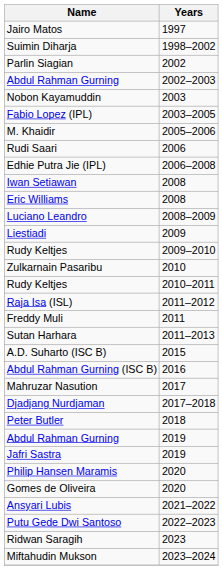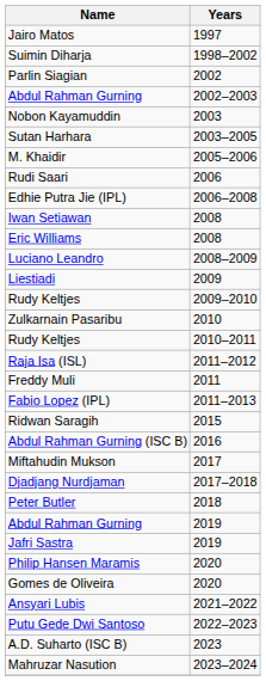 <table class="wikitable">
 <tr>
 <th>Name</th>
 <th>Years</th>
 </tr>
 <tr>
 <td> Jairo Matos</td>
 <td>1997</td>
 </tr>
 <tr>
 <td> Suimin Diharja</td>
 <td>1998–2002</td>
 </tr>
 <tr>
 <td> Parlin Siagian</td>
 <td>2002</td>
 </tr>
 <tr>
 <td> <a href='#'>Abdul Rahman Gurning</a></td>
 <td>2002–2003</td>
 </tr>
 <tr>
 <td> Nobon Kayamuddin</td>
 <td>2003</td>
 </tr>
 <tr>
-<td> <a href='#'>Fabio Lopez</a> (IPL)</td>
+<td> Sutan Harhara</td>
 <td>2003–2005</td>
 </tr>
 <tr>
 <td> M. Khaidir</td>
 <td>2005–2006</td>
 </tr>
 <tr>
 <td> Rudi Saari</td>
 <td>2006</td>
 </tr>
 <tr>
 <td> Edhie Putra Jie (IPL)</td>
 <td>2006–2008</td>
 </tr>
 <tr>
 <td> <a href='#'>Iwan Setiawan</a></td>
 <td>2008</td>
 </tr>
 <tr>
 <td> <a href='#'>Eric Williams</a></td>
 <td>2008</td>
 </tr>
 <tr>
 <td> <a href='#'>Luciano Leandro</a></td>
 <td>2008–2009</td>
 </tr>
 <tr>
 <td> <a href='#'>Liestiadi</a></td>
 <td>2009</td>
 </tr>
 <tr>
 <td> Rudy Keltjes</td>
 <td>2009–2010</td>
 </tr>
 <tr>
 <td> Zulkarnain Pasaribu</td>
 <td>2010</td>
 </tr>
 <tr>
 <td> Rudy Keltjes</td>
 <td>2010–2011</td>
 </tr>
 <tr>
 <td> <a href='#'>Raja Isa</a> (ISL)</td>
 <td>2011–2012</td>
 </tr>
 <tr>
 <td> Freddy Muli</td>
 <td>2011</td>
 </tr>
 <tr>
-<td> Sutan Harhara</td>
+<td> <a href='#'>Fabio Lopez</a> (IPL)</td>
 <td>2011–2013</td>
 </tr>
 <tr>
-<td> A.D. Suharto (ISC B)</td>
+<td> Ridwan Saragih</td>
 <td>2015</td>
 </tr>
 <tr>
 <td> <a href='#'>Abdul Rahman Gurning</a> (ISC B)</td>
 <td>2016</td>
 </tr>
 <tr>
-<td> Mahruzar Nasution</td>
+<td> Miftahudin Mukson</td>
 <td>2017</td>
 </tr>
 <tr>
 <td> <a href='#'>Djadjang Nurdjaman</a></td>
 <td>2017–2018</td>
 </tr>
 <tr>
 <td> <a href='#'>Peter Butler</a></td>
 <td>2018</td>
 </tr>
 <tr>
 <td> <a href='#'>Abdul Rahman Gurning</a></td>
 <td>2019</td>
 </tr>
 <tr>
 <td> <a href='#'>Jafri Sastra</a></td>
 <td>2019</td>
 </tr>
 <tr>
 <td> <a href='#'>Philip Hansen Maramis</a></td>
 <td>2020</td>
 </tr>
 <tr>
 <td> Gomes de Oliveira</td>
 <td>2020</td>
 </tr>
 <tr>
 <td> <a href='#'>Ansyari Lubis</a></td>
 <td>2021–2022</td>
 </tr>
 <tr>
 <td> <a href='#'>Putu Gede Dwi Santoso</a></td>
 <td>2022–2023</td>
 </tr>
 <tr>
-<td> Ridwan Saragih</td>
+<td> A.D. Suharto (ISC B)</td>
 <td>2023</td>
 </tr>
 <tr>
-<td> Miftahudin Mukson</td>
+<td> Mahruzar Nasution</td>
 <td>2023–2024</td>
 </tr>
 <tr>
 </tr>
 </table>
